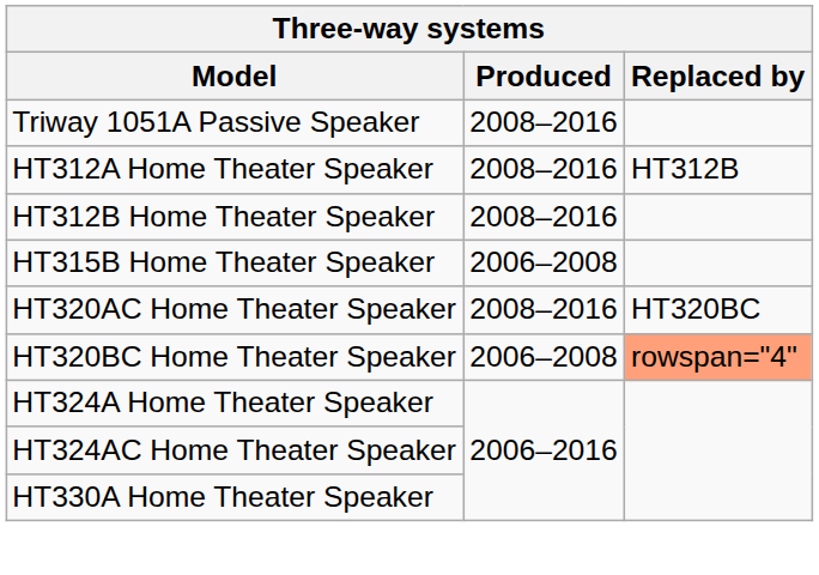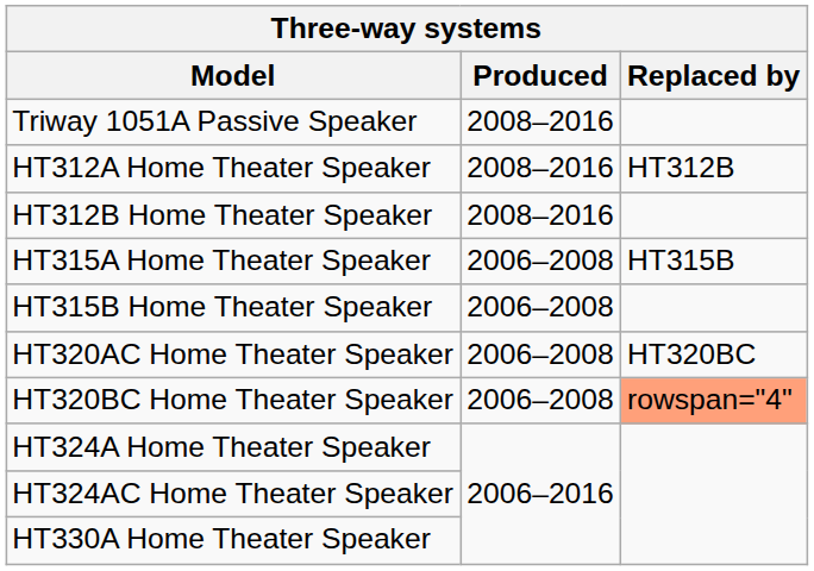 <table class="wikitable sortable mw-collapsible mw-collapsed" style="display: inline-table; margin-top: 0px; margin-bottom: 15px; margin-left: 2.5px; margin-right: 2.5px;">
 <tr>
 <th colspan="3">Three-way systems</th>
 </tr>
 <tr>
 <th>Model</th>
 <th>Produced</th>
 <th>Replaced by</th>
 </tr>
 <tr>
 <td data-sort-value="1051A">Triway 1051A Passive Speaker</td>
 <td style="text-align: center;">2008–2016</td>
 <td></td>
 </tr>
 <tr>
 <td>HT312A Home Theater Speaker</td>
 <td style="text-align: center;">2008–2016</td>
 <td>HT312B</td>
 </tr>
 <tr>
 <td>HT312B Home Theater Speaker</td>
 <td style="text-align: center;">2008–2016</td>
 <td></td>
 </tr>
 <tr>
+<td>HT315A Home Theater Speaker</td>
+<td style="text-align: center;">2006–2008</td>
+<td>HT315B</td>
+</tr>
+<tr>
 <td>HT315B Home Theater Speaker</td>
 <td style="text-align: center;">2006–2008</td>
 <td></td>
 </tr>
 <tr>
 <td>HT320AC Home Theater Speaker</td>
-<td style="text-align: center;">2008–2016</td>
+<td style="text-align: center;">2006–2008</td>
 <td>HT320BC</td>
 </tr>
 <tr>
 <td>HT320BC Home Theater Speaker</td>
 <td style="text-align: center;">2006–2008</td>
 <td style="background: lightsalmon;">rowspan="4" </td>
 </tr>
 <tr>
 <td>HT324A Home Theater Speaker</td>
 <td style="text-align: center;" rowspan="3">2006–2016</td>
 </tr>
 <tr>
 <td>HT324AC Home Theater Speaker</td>
 </tr>
 <tr>
 <td>HT330A Home Theater Speaker</td>
 </tr>
 </table>
